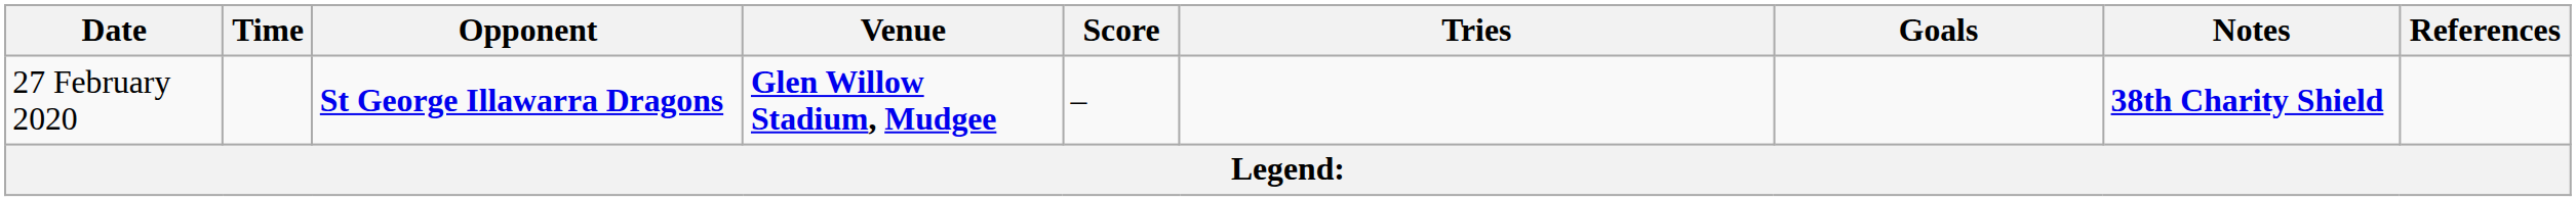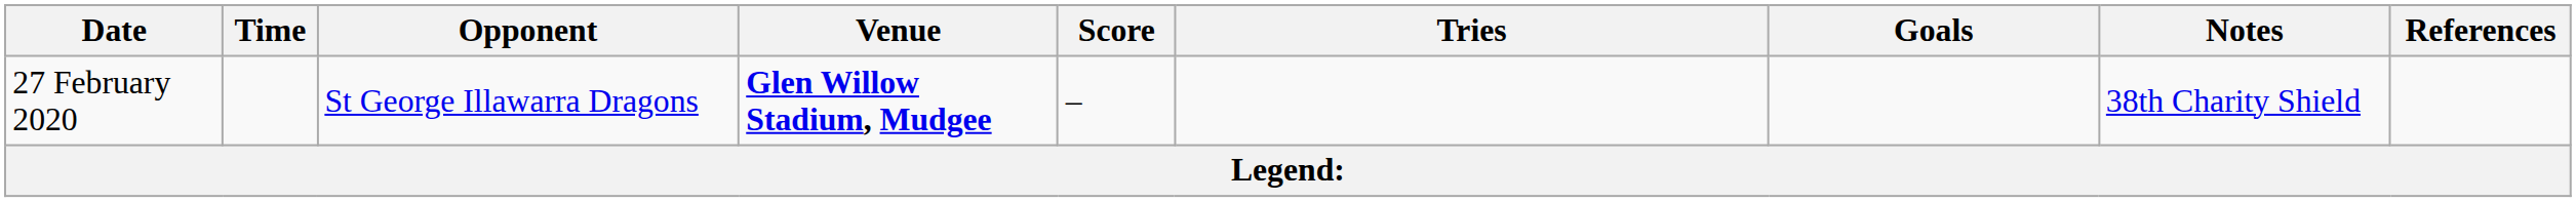 <table class="wikitable" width="100%">
 <tr>
 <th width="100">Date</th>
 <th>Time</th>
 <th>Opponent</th>
 <th width="150">Venue</th>
 <th width="50">Score</th>
 <th width="285">Tries</th>
 <th width="155">Goals</th>
 <th>Notes</th>
 <th>References</th>
 </tr>
 <tr bgcolor="">
 <td>27 February 2020</td>
 <td></td>
-<td><strong> <a href='#'>St George Illawarra Dragons</a></strong></td>
+<td> <a href='#'>St George Illawarra Dragons</a></td>
 <td><strong><a href='#'>Glen Willow Stadium</a>, <a href='#'>Mudgee</a></strong></td>
 <td>–</td>
 <td></td>
 <td></td>
-<td><strong><a href='#'>38th Charity Shield</a></strong></td>
+<td><a href='#'>38th Charity Shield</a></td>
 <td></td>
 </tr>
 <tr>
 <th colspan="9"><strong>Legend</strong>:   </th>
 </tr>
 </table>
